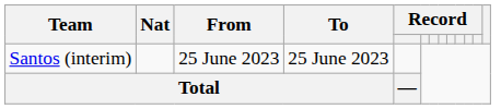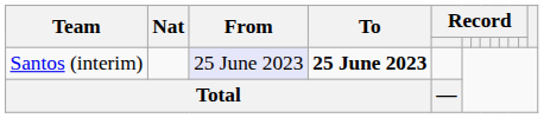 <table class="wikitable" style="text-align: center">
 <tr>
 <th rowspan="2">Team</th>
 <th rowspan="2">Nat</th>
 <th rowspan="2">From</th>
 <th rowspan="2">To</th>
 <th colspan="8">Record</th>
 <th rowspan=2></th>
 </tr>
 <tr>
 <th></th>
 <th></th>
 <th></th>
 <th></th>
 <th></th>
 <th></th>
 <th></th>
 <th></th>
 </tr>
 <tr>
 <td align=left><a href='#'>Santos</a> (interim)</td>
 <td></td>
-<td align=left>25 June 2023</td>
-<td align=left>25 June 2023<br></td>
+<td align=left style="background: lavender;">25 June 2023</td>
+<td align=left><strong>25 June 2023<br></strong></td>
 <td></td>
 </tr>
 <tr>
 <th colspan="4">Total<br></th>
 <th>—</th>
 </tr>
 </table>
